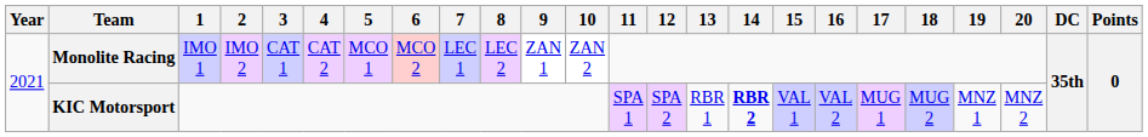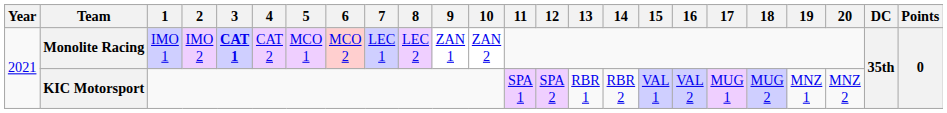 <table class="wikitable" style="text-align:center; font-size:85%">
 <tr>
 <th>Year</th>
 <th>Team</th>
 <th>1</th>
 <th>2</th>
 <th>3</th>
 <th>4</th>
 <th>5</th>
 <th>6</th>
 <th>7</th>
 <th>8</th>
 <th>9</th>
 <th>10</th>
 <th>11</th>
 <th>12</th>
 <th>13</th>
 <th>14</th>
 <th>15</th>
 <th>16</th>
 <th>17</th>
 <th>18</th>
 <th>19</th>
 <th>20</th>
 <th>DC</th>
 <th>Points</th>
 </tr>
 <tr>
 <td rowspan=2><a href='#'>2021</a></td>
 <th nowrap>Monolite Racing</th>
 <td style="background:#CFCFFF;"><a href='#'>IMO<br>1</a><br></td>
 <td style="background:#EFCFFF;"><a href='#'>IMO<br>2</a><br></td>
-<td style="background:#CFCFFF;"><a href='#'>CAT<br>1</a><br></td>
+<td style="background:#CFCFFF;"><strong><a href='#'>CAT<br>1</a><br></strong></td>
 <td style="background:#EFCFFF;"><a href='#'>CAT<br>2</a><br></td>
 <td style="background:#EFCFFF;"><a href='#'>MCO<br>1</a><br></td>
 <td style="background:#FFCFCF;"><a href='#'>MCO<br>2</a><br></td>
 <td style="background:#CFCFFF;"><a href='#'>LEC<br>1</a><br></td>
 <td style="background:#EFCFFF;"><a href='#'>LEC<br>2</a><br></td>
 <td style="background:#FFFFFF;"><a href='#'>ZAN<br>1</a><br></td>
 <td style="background:#FFFFFF;"><a href='#'>ZAN<br>2</a><br></td>
 <td colspan=10></td>
 <th rowspan=2>35th</th>
 <th rowspan=2>0</th>
 </tr>
 <tr>
 <th nowrap>KIC Motorsport</th>
 <td colspan=10></td>
 <td style="background:#EFCFFF;"><a href='#'>SPA<br>1</a><br></td>
 <td style="background:#EFCFFF;"><a href='#'>SPA<br>2</a><br></td>
 <td style="background:#;"><a href='#'>RBR<br>1</a></td>
-<td style="background:#;"><strong><a href='#'>RBR<br>2</a></strong></td>
+<td style="background:#;"><a href='#'>RBR<br>2</a></td>
 <td style="background:#CFCFFF;"><a href='#'>VAL<br>1</a><br></td>
 <td style="background:#CFCFFF;"><a href='#'>VAL<br>2</a><br></td>
 <td style="background:#EFCFFF;"><a href='#'>MUG<br>1</a><br></td>
 <td style="background:#CFCFFF;"><a href='#'>MUG<br>2</a><br></td>
 <td style="background:#;"><a href='#'>MNZ<br>1</a></td>
 <td style="background:#;"><a href='#'>MNZ<br>2</a></td>
 </tr>
 </table>
